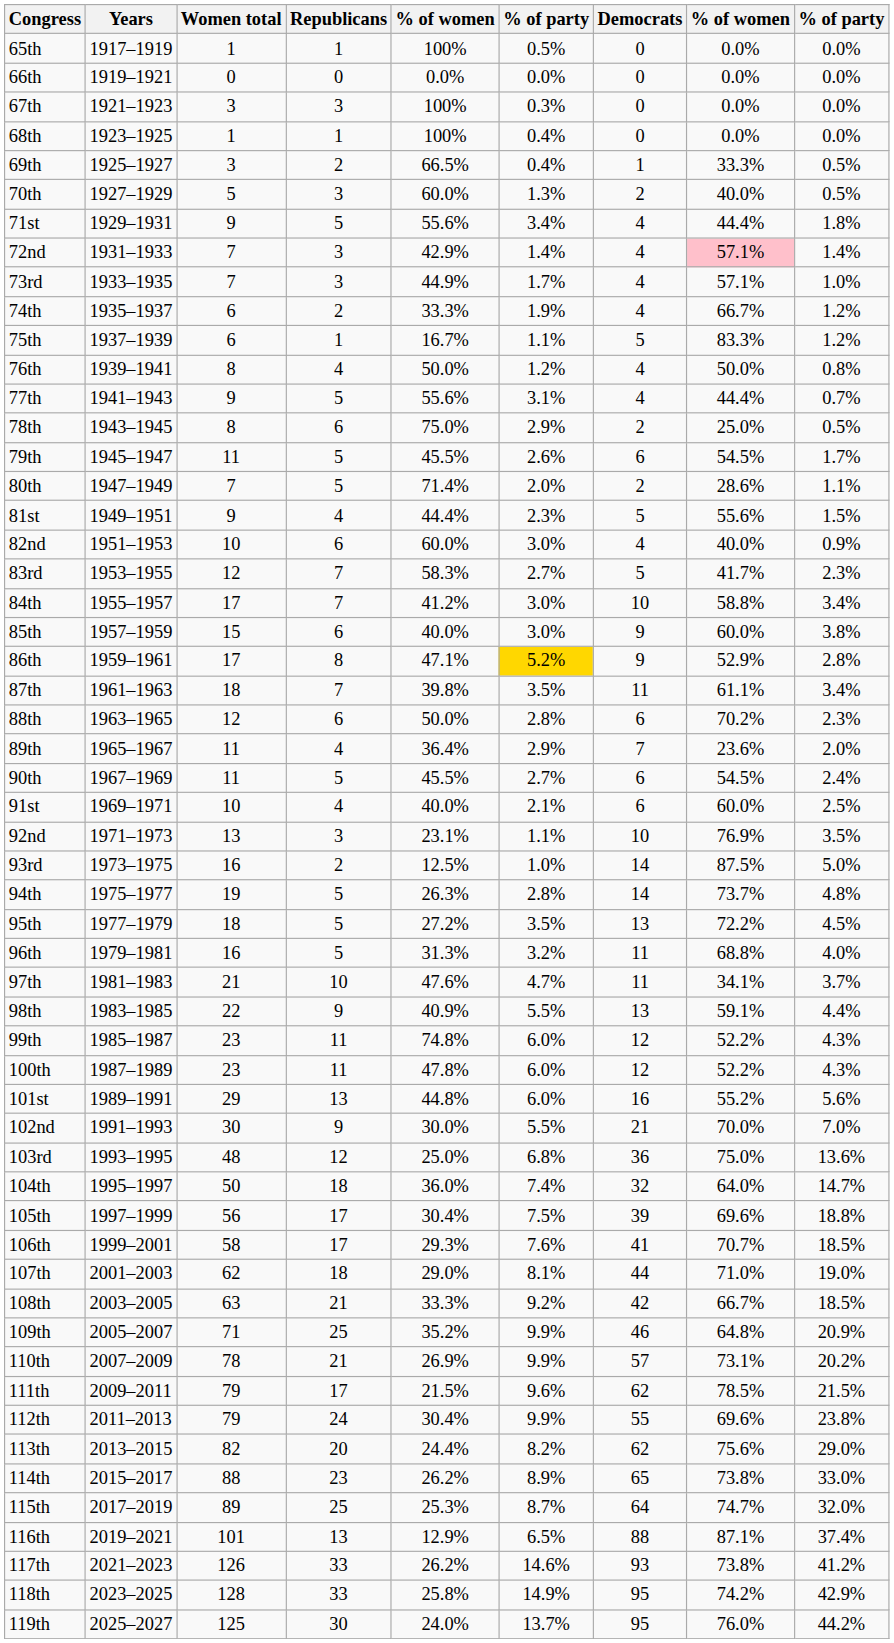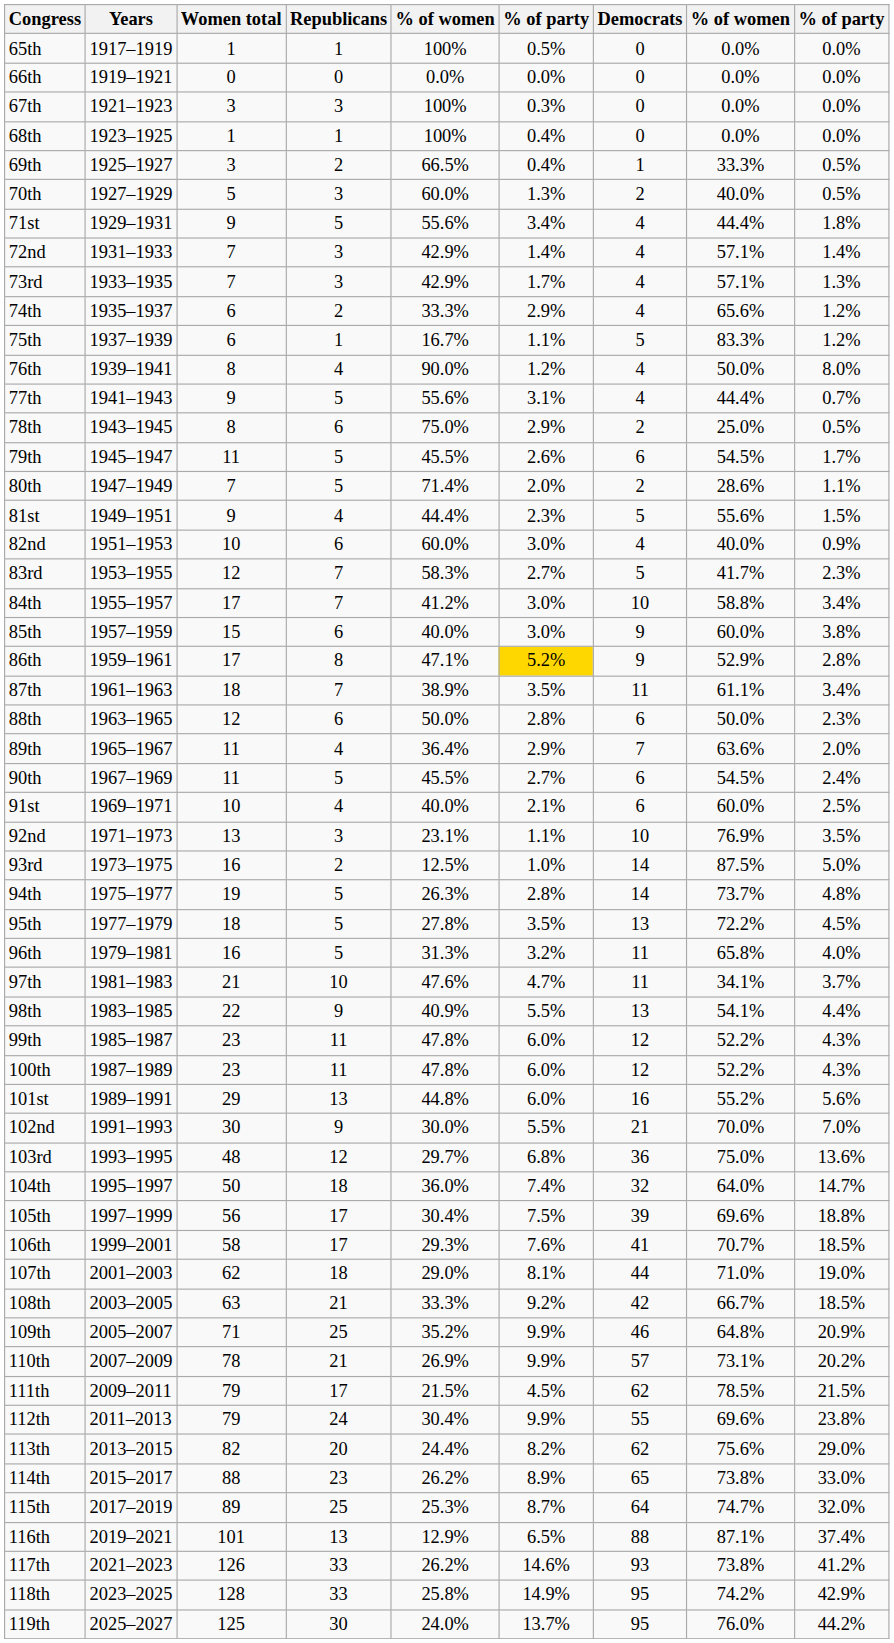 <table class="wikitable sortable">
 <tr>
 <th data-sort-type="number">Congress</th>
 <th>Years</th>
 <th>Women total</th>
 <th>Republicans</th>
 <th>% of women</th>
 <th>% of party</th>
 <th>Democrats</th>
 <th>% of women</th>
 <th>% of party</th>
 </tr>
 <tr>
 <td>65th</td>
 <td>1917–1919</td>
 <td align=center>1</td>
 <td align=center>1</td>
 <td align=center>100%</td>
 <td align=center>0.5%</td>
 <td align=center>0</td>
 <td align=center>0.0%</td>
 <td align=center>0.0%</td>
 </tr>
 <tr>
 <td>66th</td>
 <td>1919–1921</td>
 <td align=center>0</td>
 <td align=center>0</td>
 <td align=center>0.0%</td>
 <td align=center>0.0%</td>
 <td align=center>0</td>
 <td align=center>0.0%</td>
 <td align=center>0.0%</td>
 </tr>
 <tr>
 <td>67th</td>
 <td>1921–1923</td>
 <td align=center>3</td>
 <td align=center>3</td>
 <td align=center>100%</td>
 <td align=center>0.3%</td>
 <td align=center>0</td>
 <td align=center>0.0%</td>
 <td align=center>0.0%</td>
 </tr>
 <tr>
 <td>68th</td>
 <td>1923–1925</td>
 <td align=center>1</td>
 <td align=center>1</td>
 <td align=center>100%</td>
 <td align=center>0.4%</td>
 <td align=center>0</td>
 <td align=center>0.0%</td>
 <td align=center>0.0%</td>
 </tr>
 <tr>
 <td>69th</td>
 <td>1925–1927</td>
 <td align=center>3</td>
 <td align=center>2</td>
 <td align=center>66.5%</td>
 <td align=center>0.4%</td>
 <td align=center>1</td>
 <td align=center>33.3%</td>
 <td align=center>0.5%</td>
 </tr>
 <tr>
 <td>70th</td>
 <td>1927–1929</td>
 <td align=center>5</td>
 <td align=center>3</td>
 <td align=center>60.0%</td>
 <td align=center>1.3%</td>
 <td align=center>2</td>
 <td align=center>40.0%</td>
 <td align=center>0.5%</td>
 </tr>
 <tr>
 <td>71st</td>
 <td>1929–1931</td>
 <td align=center>9</td>
 <td align=center>5</td>
 <td align=center>55.6%</td>
 <td align=center>3.4%</td>
 <td align=center>4</td>
 <td align=center>44.4%</td>
 <td align=center>1.8%</td>
 </tr>
 <tr>
 <td>72nd</td>
 <td>1931–1933</td>
 <td align=center>7</td>
 <td align=center>3</td>
 <td align=center>42.9%</td>
 <td align=center>1.4%</td>
 <td align=center>4</td>
-<td align=center style="background: pink;">57.1%</td>
+<td align=center>57.1%</td>
 <td align=center>1.4%</td>
 </tr>
 <tr>
 <td>73rd</td>
 <td>1933–1935</td>
 <td align=center>7</td>
 <td align=center>3</td>
-<td align=center>44.9%</td>
+<td align=center>42.9%</td>
 <td align=center>1.7%</td>
 <td align=center>4</td>
 <td align=center>57.1%</td>
-<td align=center>1.0%</td>
+<td align=center>1.3%</td>
 </tr>
 <tr>
 <td>74th</td>
 <td>1935–1937</td>
 <td align=center>6</td>
 <td align=center>2</td>
 <td align=center>33.3%</td>
-<td align=center>1.9%</td>
+<td align=center>2.9%</td>
 <td align=center>4</td>
-<td align=center>66.7%</td>
+<td align=center>65.6%</td>
 <td align=center>1.2%</td>
 </tr>
 <tr>
 <td>75th</td>
 <td>1937–1939</td>
 <td align=center>6</td>
 <td align=center>1</td>
 <td align=center>16.7%</td>
 <td align=center>1.1%</td>
 <td align=center>5</td>
 <td align=center>83.3%</td>
 <td align=center>1.2%</td>
 </tr>
 <tr>
 <td>76th</td>
 <td>1939–1941</td>
 <td align=center>8</td>
 <td align=center>4</td>
-<td align=center>50.0%</td>
+<td align=center>90.0%</td>
 <td align=center>1.2%</td>
 <td align=center>4</td>
 <td align=center>50.0%</td>
-<td align=center>0.8%</td>
+<td align=center>8.0%</td>
 </tr>
 <tr>
 <td>77th</td>
 <td>1941–1943</td>
 <td align=center>9</td>
 <td align=center>5</td>
 <td align=center>55.6%</td>
 <td align=center>3.1%</td>
 <td align=center>4</td>
 <td align=center>44.4%</td>
 <td align=center>0.7%</td>
 </tr>
 <tr>
 <td>78th</td>
 <td>1943–1945</td>
 <td align=center>8</td>
 <td align=center>6</td>
 <td align=center>75.0%</td>
 <td align=center>2.9%</td>
 <td align=center>2</td>
 <td align=center>25.0%</td>
 <td align=center>0.5%</td>
 </tr>
 <tr>
 <td>79th</td>
 <td>1945–1947</td>
 <td align=center>11</td>
 <td align=center>5</td>
 <td align=center>45.5%</td>
 <td align=center>2.6%</td>
 <td align=center>6</td>
 <td align=center>54.5%</td>
 <td align=center>1.7%</td>
 </tr>
 <tr>
 <td>80th</td>
 <td>1947–1949</td>
 <td align=center>7</td>
 <td align=center>5</td>
 <td align=center>71.4%</td>
 <td align=center>2.0%</td>
 <td align=center>2</td>
 <td align=center>28.6%</td>
 <td align=center>1.1%</td>
 </tr>
 <tr>
 <td>81st</td>
 <td>1949–1951</td>
 <td align=center>9</td>
 <td align=center>4</td>
 <td align=center>44.4%</td>
 <td align=center>2.3%</td>
 <td align=center>5</td>
 <td align=center>55.6%</td>
 <td align=center>1.5%</td>
 </tr>
 <tr>
 <td>82nd</td>
 <td>1951–1953</td>
 <td align=center>10</td>
 <td align=center>6</td>
 <td align=center>60.0%</td>
 <td align=center>3.0%</td>
 <td align=center>4</td>
 <td align=center>40.0%</td>
 <td align=center>0.9%</td>
 </tr>
 <tr>
 <td>83rd</td>
 <td>1953–1955</td>
 <td align=center>12</td>
 <td align=center>7</td>
 <td align=center>58.3%</td>
 <td align=center>2.7%</td>
 <td align=center>5</td>
 <td align=center>41.7%</td>
 <td align=center>2.3%</td>
 </tr>
 <tr>
 <td>84th</td>
 <td>1955–1957</td>
 <td align=center>17</td>
 <td align=center>7</td>
 <td align=center>41.2%</td>
 <td align=center>3.0%</td>
 <td align=center>10</td>
 <td align=center>58.8%</td>
 <td align=center>3.4%</td>
 </tr>
 <tr>
 <td>85th</td>
 <td>1957–1959</td>
 <td align=center>15</td>
 <td align=center>6</td>
 <td align=center>40.0%</td>
 <td align=center>3.0%</td>
 <td align=center>9</td>
 <td align=center>60.0%</td>
 <td align=center>3.8%</td>
 </tr>
 <tr>
 <td>86th</td>
 <td>1959–1961</td>
 <td align=center>17</td>
 <td align=center>8</td>
 <td align=center>47.1%</td>
 <td align=center style="background: gold;">5.2%</td>
 <td align=center>9</td>
 <td align=center>52.9%</td>
 <td align=center>2.8%</td>
 </tr>
 <tr>
 <td>87th</td>
 <td>1961–1963</td>
 <td align=center>18</td>
 <td align=center>7</td>
-<td align=center>39.8%</td>
+<td align=center>38.9%</td>
 <td align=center>3.5%</td>
 <td align=center>11</td>
 <td align=center>61.1%</td>
 <td align=center>3.4%</td>
 </tr>
 <tr>
 <td>88th</td>
 <td>1963–1965</td>
 <td align=center>12</td>
 <td align=center>6</td>
 <td align=center>50.0%</td>
 <td align=center>2.8%</td>
 <td align=center>6</td>
-<td align=center>70.2%</td>
+<td align=center>50.0%</td>
 <td align=center>2.3%</td>
 </tr>
 <tr>
 <td>89th</td>
 <td>1965–1967</td>
 <td align=center>11</td>
 <td align=center>4</td>
 <td align=center>36.4%</td>
 <td align=center>2.9%</td>
 <td align=center>7</td>
-<td align=center>23.6%</td>
+<td align=center>63.6%</td>
 <td align=center>2.0%</td>
 </tr>
 <tr>
 <td>90th</td>
 <td>1967–1969</td>
 <td align=center>11</td>
 <td align=center>5</td>
 <td align=center>45.5%</td>
 <td align=center>2.7%</td>
 <td align=center>6</td>
 <td align=center>54.5%</td>
 <td align=center>2.4%</td>
 </tr>
 <tr>
 <td>91st</td>
 <td>1969–1971</td>
 <td align=center>10</td>
 <td align=center>4</td>
 <td align=center>40.0%</td>
 <td align=center>2.1%</td>
 <td align=center>6</td>
 <td align=center>60.0%</td>
 <td align=center>2.5%</td>
 </tr>
 <tr>
 <td>92nd</td>
 <td>1971–1973</td>
 <td align=center>13</td>
 <td align=center>3</td>
 <td align=center>23.1%</td>
 <td align=center>1.1%</td>
 <td align=center>10</td>
 <td align=center>76.9%</td>
 <td align=center>3.5%</td>
 </tr>
 <tr>
 <td>93rd</td>
 <td>1973–1975</td>
 <td align=center>16</td>
 <td align=center>2</td>
 <td align=center>12.5%</td>
 <td align=center>1.0%</td>
 <td align=center>14</td>
 <td align=center>87.5%</td>
 <td align=center>5.0%</td>
 </tr>
 <tr>
 <td>94th</td>
 <td>1975–1977</td>
 <td align=center>19</td>
 <td align=center>5</td>
 <td align=center>26.3%</td>
 <td align=center>2.8%</td>
 <td align=center>14</td>
 <td align=center>73.7%</td>
 <td align=center>4.8%</td>
 </tr>
 <tr>
 <td>95th</td>
 <td>1977–1979</td>
 <td align=center>18</td>
 <td align=center>5</td>
-<td align=center>27.2%</td>
+<td align=center>27.8%</td>
 <td align=center>3.5%</td>
 <td align=center>13</td>
 <td align=center>72.2%</td>
 <td align=center>4.5%</td>
 </tr>
 <tr>
 <td>96th</td>
 <td>1979–1981</td>
 <td align=center>16</td>
 <td align=center>5</td>
 <td align=center>31.3%</td>
 <td align=center>3.2%</td>
 <td align=center>11</td>
-<td align=center>68.8%</td>
+<td align=center>65.8%</td>
 <td align=center>4.0%</td>
 </tr>
 <tr>
 <td>97th</td>
 <td>1981–1983</td>
 <td align=center>21</td>
 <td align=center>10</td>
 <td align=center>47.6%</td>
 <td align=center>4.7%</td>
 <td align=center>11</td>
 <td align=center>34.1%</td>
 <td align=center>3.7%</td>
 </tr>
 <tr>
 <td>98th</td>
 <td>1983–1985</td>
 <td align=center>22</td>
 <td align=center>9</td>
 <td align=center>40.9%</td>
 <td align=center>5.5%</td>
 <td align=center>13</td>
-<td align=center>59.1%</td>
+<td align=center>54.1%</td>
 <td align=center>4.4%</td>
 </tr>
 <tr>
 <td>99th</td>
 <td>1985–1987</td>
 <td align=center>23</td>
 <td align=center>11</td>
-<td align=center>74.8%</td>
+<td align=center>47.8%</td>
 <td align=center>6.0%</td>
 <td align=center>12</td>
 <td align=center>52.2%</td>
 <td align=center>4.3%</td>
 </tr>
 <tr>
 <td>100th</td>
 <td>1987–1989</td>
 <td align=center>23</td>
 <td align=center>11</td>
 <td align=center>47.8%</td>
 <td align=center>6.0%</td>
 <td align=center>12</td>
 <td align=center>52.2%</td>
 <td align=center>4.3%</td>
 </tr>
 <tr>
 <td>101st</td>
 <td>1989–1991</td>
 <td align=center>29</td>
 <td align=center>13</td>
 <td align=center>44.8%</td>
 <td align=center>6.0%</td>
 <td align=center>16</td>
 <td align=center>55.2%</td>
 <td align=center>5.6%</td>
 </tr>
 <tr>
 <td>102nd</td>
 <td>1991–1993</td>
 <td align=center>30</td>
 <td align=center>9</td>
 <td align=center>30.0%</td>
 <td align=center>5.5%</td>
 <td align=center>21</td>
 <td align=center>70.0%</td>
 <td align=center>7.0%</td>
 </tr>
 <tr>
 <td>103rd</td>
 <td>1993–1995</td>
 <td align=center>48</td>
 <td align=center>12</td>
-<td align=center>25.0%</td>
+<td align=center>29.7%</td>
 <td align=center>6.8%</td>
 <td align=center>36</td>
 <td align=center>75.0%</td>
 <td align=center>13.6%</td>
 </tr>
 <tr>
 <td>104th</td>
 <td>1995–1997</td>
 <td align=center>50</td>
 <td align=center>18</td>
 <td align=center>36.0%</td>
 <td align=center>7.4%</td>
 <td align=center>32</td>
 <td align=center>64.0%</td>
 <td align=center>14.7%</td>
 </tr>
 <tr>
 <td>105th</td>
 <td>1997–1999</td>
 <td align=center>56</td>
 <td align=center>17</td>
 <td align=center>30.4%</td>
 <td align=center>7.5%</td>
 <td align=center>39</td>
 <td align=center>69.6%</td>
 <td align=center>18.8%</td>
 </tr>
 <tr>
 <td>106th</td>
 <td>1999–2001</td>
 <td align=center>58</td>
 <td align=center>17</td>
 <td align=center>29.3%</td>
 <td align=center>7.6%</td>
 <td align=center>41</td>
 <td align=center>70.7%</td>
 <td align=center>18.5%</td>
 </tr>
 <tr>
 <td>107th</td>
 <td>2001–2003</td>
 <td align=center>62</td>
 <td align=center>18</td>
 <td align=center>29.0%</td>
 <td align=center>8.1%</td>
 <td align=center>44</td>
 <td align=center>71.0%</td>
 <td align=center>19.0%</td>
 </tr>
 <tr>
 <td>108th</td>
 <td>2003–2005</td>
 <td align=center>63</td>
 <td align=center>21</td>
 <td align=center>33.3%</td>
 <td align=center>9.2%</td>
 <td align=center>42</td>
 <td align=center>66.7%</td>
 <td align=center>18.5%</td>
 </tr>
 <tr>
 <td>109th</td>
 <td>2005–2007</td>
 <td align=center>71</td>
 <td align=center>25</td>
 <td align=center>35.2%</td>
 <td align=center>9.9%</td>
 <td align=center>46</td>
 <td align=center>64.8%</td>
 <td align=center>20.9%</td>
 </tr>
 <tr>
 <td>110th</td>
 <td>2007–2009</td>
 <td align=center>78</td>
 <td align=center>21</td>
 <td align=center>26.9%</td>
 <td align=center>9.9%</td>
 <td align=center>57</td>
 <td align=center>73.1%</td>
 <td align=center>20.2%</td>
 </tr>
 <tr>
 <td>111th</td>
 <td>2009–2011</td>
 <td align=center>79</td>
 <td align=center>17</td>
 <td align=center>21.5%</td>
-<td align=center>9.6%</td>
+<td align=center>4.5%</td>
 <td align=center>62</td>
 <td align=center>78.5%</td>
 <td align=center>21.5%</td>
 </tr>
 <tr>
 <td>112th</td>
 <td>2011–2013</td>
 <td align=center>79</td>
 <td align=center>24</td>
 <td align=center>30.4%</td>
 <td align=center>9.9%</td>
 <td align=center>55</td>
 <td align=center>69.6%</td>
 <td align=center>23.8%</td>
 </tr>
 <tr>
 <td>113th</td>
 <td>2013–2015</td>
 <td align=center>82</td>
 <td align=center>20</td>
 <td align=center>24.4%</td>
 <td align=center>8.2%</td>
 <td align=center>62</td>
 <td align=center>75.6%</td>
 <td align=center>29.0%</td>
 </tr>
 <tr>
 <td>114th</td>
 <td>2015–2017</td>
 <td align=center>88</td>
 <td align=center>23</td>
 <td align=center>26.2%</td>
 <td align=center>8.9%</td>
 <td align=center>65</td>
 <td align=center>73.8%</td>
 <td align=center>33.0%</td>
 </tr>
 <tr>
 <td>115th</td>
 <td>2017–2019</td>
 <td align=center>89</td>
 <td align=center>25</td>
 <td align=center>25.3%</td>
 <td align=center>8.7%</td>
 <td align=center>64</td>
 <td align=center>74.7%</td>
 <td align=center>32.0%</td>
 </tr>
 <tr>
 <td>116th</td>
 <td>2019–2021</td>
 <td align=center>101</td>
 <td align=center>13</td>
 <td align=center>12.9%</td>
 <td align=center>6.5%</td>
 <td align=center>88</td>
 <td align=center>87.1%</td>
 <td align=center>37.4%</td>
 </tr>
 <tr>
 <td>117th</td>
 <td>2021–2023</td>
 <td align=center>126</td>
 <td align=center>33</td>
 <td align=center>26.2%</td>
 <td align=center>14.6%</td>
 <td align=center>93</td>
 <td align=center>73.8%</td>
 <td align=center>41.2%</td>
 </tr>
 <tr>
 <td>118th</td>
 <td>2023–2025</td>
 <td align=center>128</td>
 <td align=center>33</td>
 <td align=center>25.8%</td>
 <td align=center>14.9%</td>
 <td align=center>95</td>
 <td align=center>74.2%</td>
 <td align=center>42.9%</td>
 </tr>
 <tr>
 <td>119th</td>
 <td>2025–2027</td>
 <td align=center>125</td>
 <td align=center>30</td>
 <td align=center>24.0%</td>
 <td align=center>13.7%</td>
 <td align=center>95</td>
 <td align=center>76.0%</td>
 <td align=center>44.2%</td>
 </tr>
 </table>
